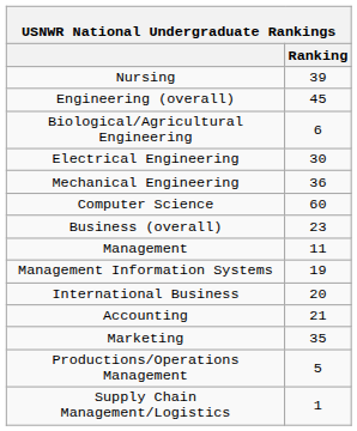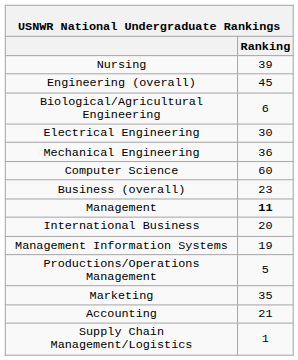 <table class="wikitable sortable collapsible collapsed" style="float:right; clear:right; text-align:center; font-size:85%; width:270px;">
 <tr>
 <th colspan="2"><br>USNWR National Undergraduate Rankings</th>
 </tr>
 <tr>
 <th></th>
 <th>Ranking</th>
 </tr>
 <tr>
 <td>Nursing</td>
 <td>39</td>
 </tr>
 <tr>
 <td>Engineering (overall)</td>
 <td>45</td>
 </tr>
 <tr>
 <td>Biological/Agricultural Engineering</td>
 <td>6</td>
 </tr>
 <tr>
 <td>Electrical Engineering</td>
 <td>30</td>
 </tr>
 <tr>
 <td>Mechanical Engineering</td>
 <td>36</td>
 </tr>
 <tr>
 <td>Computer Science</td>
 <td>60</td>
 </tr>
 <tr>
 <td>Business (overall)</td>
 <td>23</td>
 </tr>
 <tr>
 <td>Management</td>
-<td>11</td>
+<td><strong>11</strong></td>
+</tr>
+<tr>
+<td>International Business</td>
+<td>20</td>
 </tr>
 <tr>
 <td>Management Information Systems</td>
 <td>19</td>
 </tr>
 <tr>
-<td>International Business</td>
-<td>20</td>
+<td>Productions/Operations Management</td>
+<td>5</td>
+</tr>
+<tr>
+<td>Marketing</td>
+<td>35</td>
 </tr>
 <tr>
 <td>Accounting</td>
 <td>21</td>
 </tr>
 <tr>
-<td>Marketing</td>
-<td>35</td>
-</tr>
-<tr>
-<td>Productions/Operations Management</td>
-<td>5</td>
-</tr>
-<tr>
 <td>Supply Chain Management/Logistics</td>
 <td>1</td>
 </tr>
 </table>
